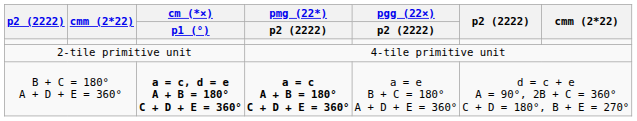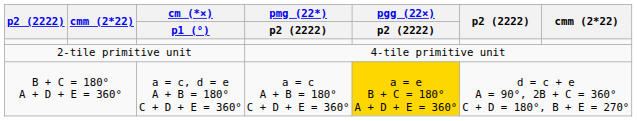 <table class=wikitable>
 <tr>
 <th rowspan=2><a href='#'>p2 (2222)</a></th>
 <th rowspan=2><a href='#'>cmm (2*22)</a></th>
 <th><a href='#'>cm (*×)</a></th>
 <th><a href='#'>pmg (22*)</a></th>
 <th><a href='#'>pgg (22×)</a></th>
 <th rowspan=2>p2 (2222)</th>
 <th rowspan=2>cmm (2*22)</th>
 </tr>
 <tr>
 <th><a href='#'>p1 (°)</a></th>
 <th>p2 (2222)</th>
 <th>p2 (2222)</th>
 </tr>
 <tr align=center>
 <td></td>
 <td></td>
 <td></td>
 <td></td>
 <td></td>
 <td></td>
 <td></td>
 </tr>
 <tr align=center valign=top>
 <td colspan=3>2-tile primitive unit</td>
 <td colspan=4>4-tile primitive unit</td>
 </tr>
 <tr align=center valign=top>
 <td colspan=2><br>B + C = 180°<br>A + D + E = 360°</td>
-<td><strong><br>a = c, d = e<br>A + B = 180°<br>C + D + E = 360°</strong></td>
-<td><strong><br>a = c<br>A + B = 180°<br>C + D + E = 360°</strong></td>
-<td><br>a = e<br>B + C = 180°<br>A + D + E = 360°</td>
+<td><br>a = c, d = e<br>A + B = 180°<br>C + D + E = 360°</td>
+<td><br>a = c<br>A + B = 180°<br>C + D + E = 360°</td>
+<td style="background: gold;"><br>a = e<br>B + C = 180°<br>A + D + E = 360°</td>
 <td colspan=2><br>d = c + e<br>A = 90°, 2B + C = 360°<br>C + D = 180°, B + E = 270°</td>
 </tr>
 </table>
